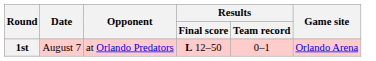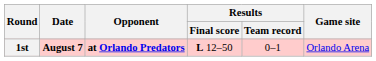 <table class="wikitable" style="font-size: 92%;" "align=center">
 <tr>
 <th rowspan="2">Round</th>
 <th rowspan="2">Date</th>
 <th rowspan="2">Opponent</th>
 <th colspan="2">Results</th>
 <th rowspan="2">Game site</th>
 </tr>
 <tr>
 <th>Final score</th>
 <th>Team record</th>
 </tr>
 <tr style="background:#fcc">
 <th>1st</th>
-<td style="text-align:center;">August 7</td>
-<td style="text-align:center;">at <a href='#'>Orlando Predators</a></td>
+<td style="text-align:center;"><strong>August 7</strong></td>
+<td style="text-align:center;"><strong>at <a href='#'>Orlando Predators</a></strong></td>
 <td style="text-align:center;"><strong>L</strong> 12–50</td>
 <td style="text-align:center;">0–1</td>
 <td style="text-align:center;"><a href='#'>Orlando Arena</a></td>
 </tr>
 </table>
